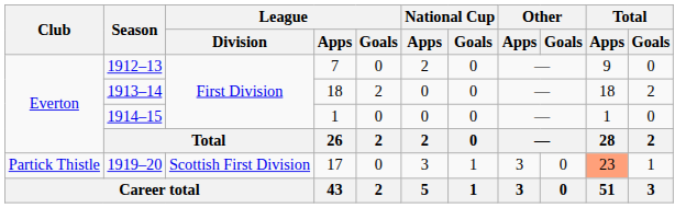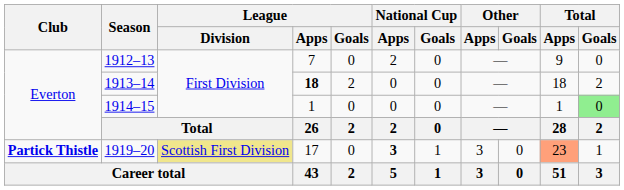 <table class="wikitable" style="text-align: center">
 <tr>
 <th rowspan="2">Club</th>
 <th rowspan="2">Season</th>
 <th colspan="3">League</th>
 <th colspan="2">National Cup</th>
 <th colspan="2">Other</th>
 <th colspan="2">Total</th>
 </tr>
 <tr>
 <th>Division</th>
 <th>Apps</th>
 <th>Goals</th>
 <th>Apps</th>
 <th>Goals</th>
 <th>Apps</th>
 <th>Goals</th>
 <th>Apps</th>
 <th>Goals</th>
 </tr>
 <tr>
 <td rowspan="4"><a href='#'>Everton</a></td>
 <td><a href='#'>1912–13</a></td>
 <td rowspan="3"><a href='#'>First Division</a></td>
 <td>7</td>
 <td>0</td>
 <td>2</td>
 <td>0</td>
 <td colspan="2">―</td>
 <td>9</td>
 <td>0</td>
 </tr>
 <tr>
 <td><a href='#'>1913–14</a></td>
-<td>18</td>
+<td><strong>18</strong></td>
 <td>2</td>
 <td>0</td>
 <td>0</td>
 <td colspan="2">―</td>
 <td>18</td>
 <td>2</td>
 </tr>
 <tr>
 <td><a href='#'>1914–15</a></td>
 <td>1</td>
 <td>0</td>
 <td>0</td>
 <td>0</td>
 <td colspan="2">―</td>
 <td>1</td>
-<td>0</td>
+<td style="background: lightgreen;">0</td>
 </tr>
 <tr>
 <th colspan="2">Total</th>
 <th>26</th>
 <th>2</th>
 <th>2</th>
 <th>0</th>
 <th colspan="2">―</th>
 <th>28</th>
 <th>2</th>
 </tr>
 <tr>
-<td><a href='#'>Partick Thistle</a></td>
+<td><strong><a href='#'>Partick Thistle</a></strong></td>
 <td><a href='#'>1919–20</a></td>
-<td><a href='#'>Scottish First Division</a></td>
+<td style="background: khaki;"><a href='#'>Scottish First Division</a></td>
 <td>17</td>
 <td>0</td>
-<td>3</td>
+<td><strong>3</strong></td>
 <td>1</td>
 <td>3</td>
 <td>0</td>
 <td style="background: lightsalmon;">23</td>
 <td>1</td>
 </tr>
 <tr>
 <th colspan="3">Career total</th>
 <th>43</th>
 <th>2</th>
 <th>5</th>
 <th>1</th>
 <th>3</th>
 <th>0</th>
 <th>51</th>
 <th>3</th>
 </tr>
 </table>
